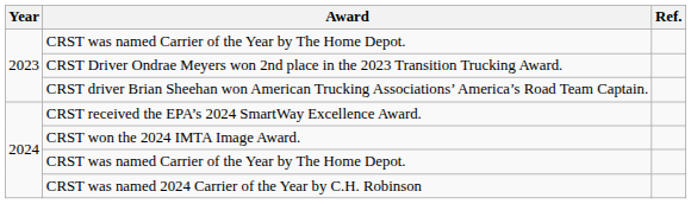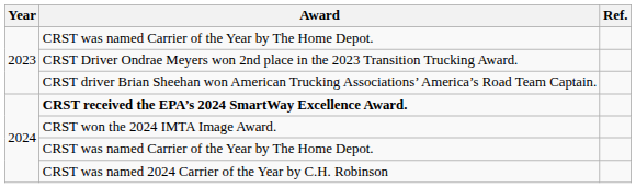 <table class="wikitable">
 <tr>
 <th>Year</th>
 <th>Award</th>
 <th>Ref.</th>
 </tr>
 <tr>
 <td rowspan="3">2023</td>
 <td>CRST was named Carrier of the Year by The Home Depot.</td>
 <td></td>
 </tr>
 <tr>
 <td>CRST Driver Ondrae Meyers won 2nd place in the 2023 Transition Trucking Award.</td>
 <td></td>
 </tr>
 <tr>
 <td>CRST driver Brian Sheehan won American Trucking Associations’ America’s Road Team Captain.</td>
 <td></td>
 </tr>
 <tr>
 <td rowspan="4">2024</td>
-<td>CRST received the EPA’s 2024 SmartWay Excellence Award.</td>
+<td><strong>CRST received the EPA’s 2024 SmartWay Excellence Award.</strong></td>
 <td></td>
 </tr>
 <tr>
 <td>CRST won the 2024 IMTA Image Award.</td>
 <td></td>
 </tr>
 <tr>
 <td>CRST was named Carrier of the Year by The Home Depot.</td>
 <td></td>
 </tr>
 <tr>
 <td>CRST was named 2024 Carrier of the Year by C.H. Robinson</td>
 <td></td>
 </tr>
 </table>
